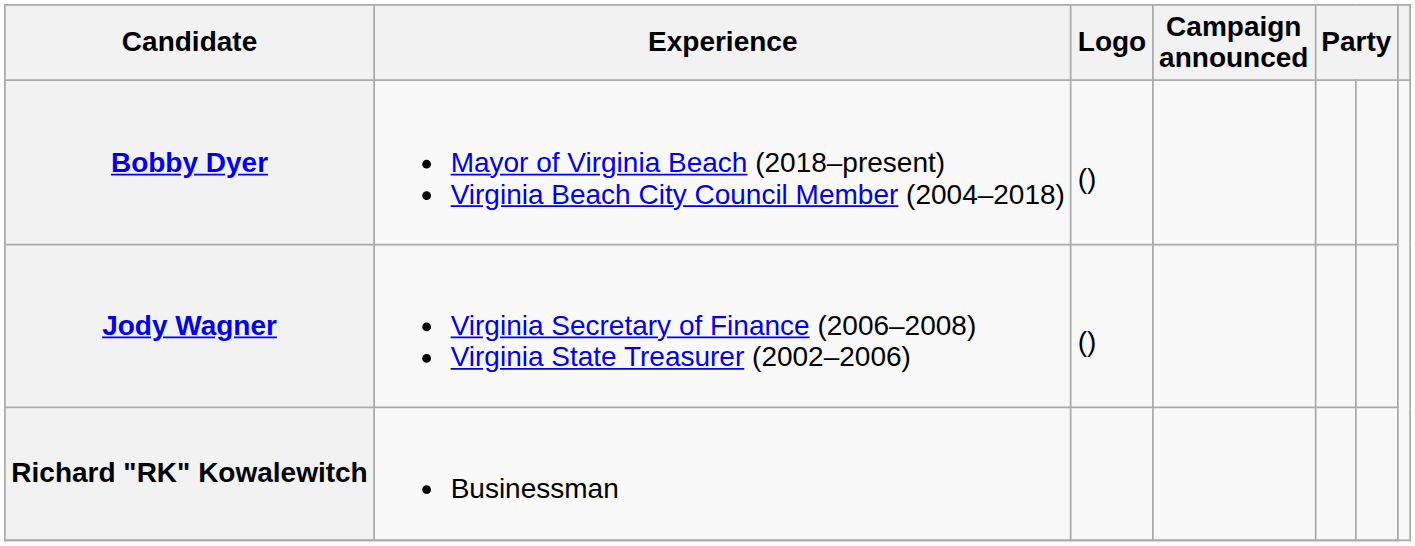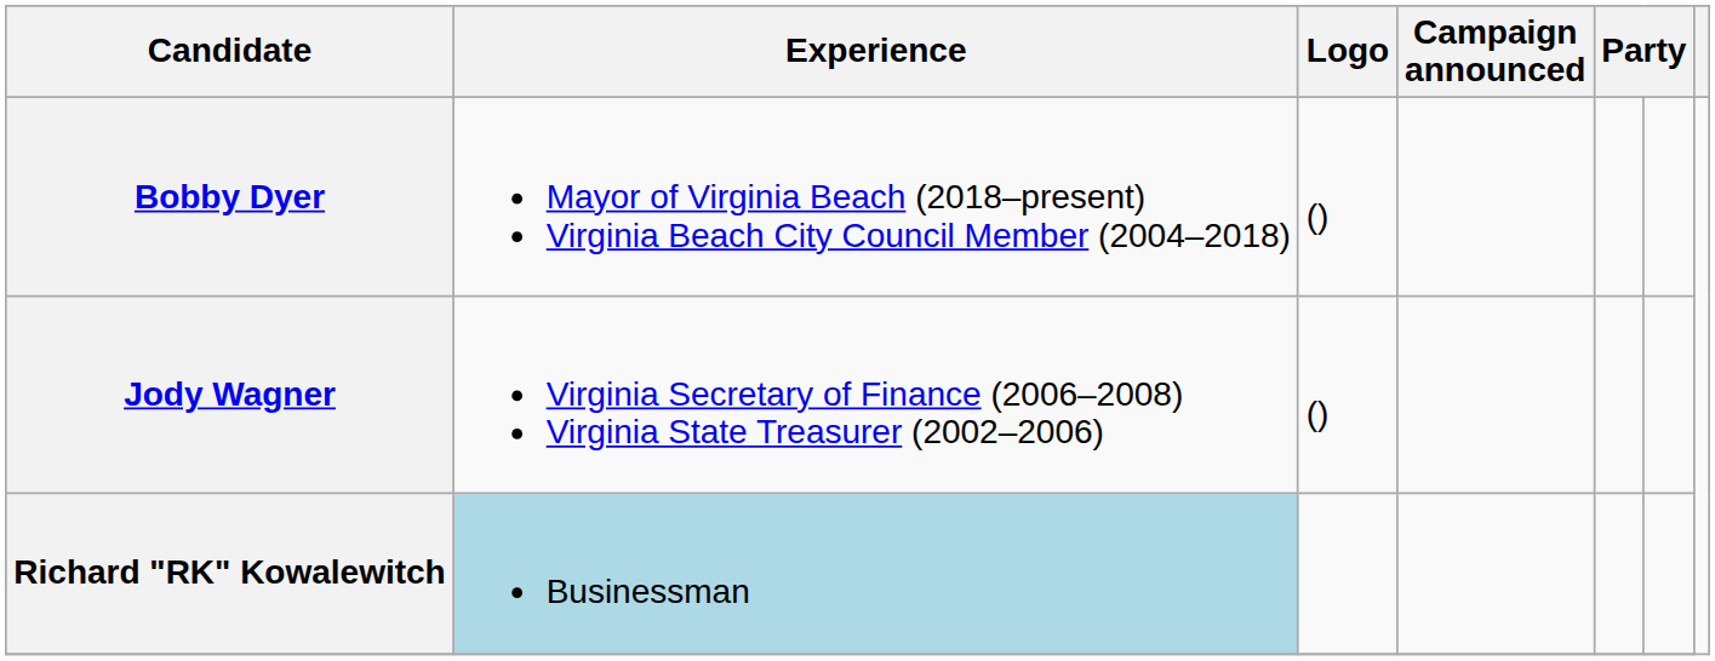 <table class="wikitable sortable">
 <tr>
 <th scope="col">Candidate</th>
 <th scope="col">Experience</th>
 <th scope="col">Logo</th>
 <th scope="col">Campaign<br>announced</th>
 <th scope="col" colspan="2" class="unsortable">Party</th>
 <th scope="col"></th>
 </tr>
 <tr>
 <th><a href='#'>Bobby Dyer</a></th>
 <td><br><ul><li><a href='#'>Mayor of Virginia Beach</a> (2018–present)</li><li><a href='#'>Virginia Beach City Council Member</a> (2004–2018)</li></ul></td>
 <td><br>()</td>
 <td></td>
 <td></td>
 <td></td>
 </tr>
 <tr>
 <th><a href='#'>Jody Wagner</a></th>
 <td><br><ul><li><a href='#'>Virginia Secretary of Finance</a> (2006–2008)</li><li><a href='#'>Virginia State Treasurer</a> (2002–2006)</li></ul></td>
 <td><br>()</td>
 <td></td>
 <td></td>
 <td></td>
 </tr>
 <tr>
 <th>Richard "RK" Kowalewitch</th>
-<td><br><ul><li>Businessman</li></ul></td>
+<td style="background: lightblue;"><br><ul><li>Businessman</li></ul></td>
 <td></td>
 <td></td>
 <td></td>
 <td></td>
 </tr>
 <tr>
 </tr>
 </table>
